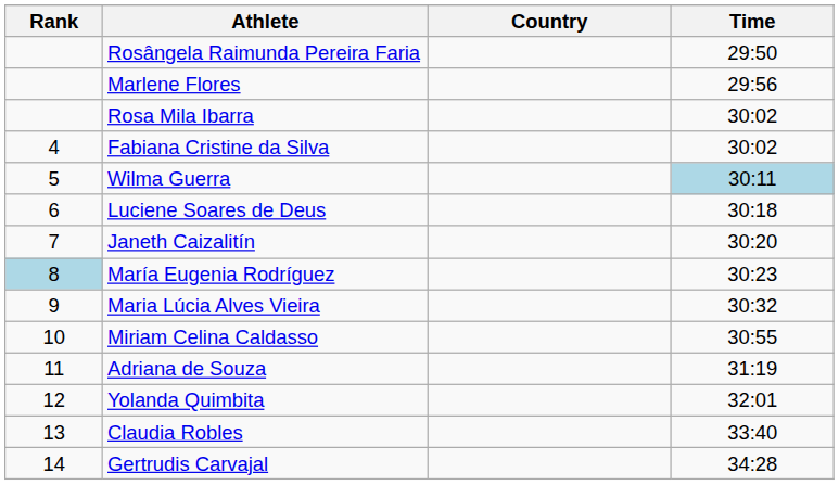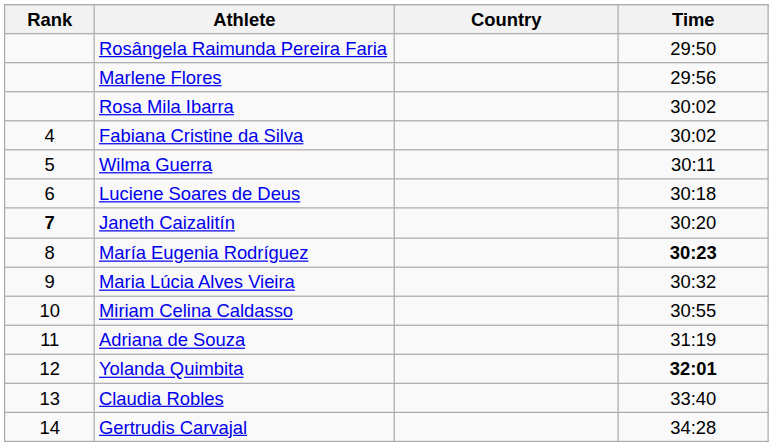 <table class="wikitable sortable" style=" text-align:center; font-size:95%;" width="50%">
 <tr>
 </tr>
 <tr>
 <th width=5%>Rank</th>
 <th width=20%>Athlete</th>
 <th width=15%>Country</th>
 <th width=10%>Time</th>
 </tr>
 <tr>
 <td align=center></td>
 <td align=left><a href='#'>Rosângela Raimunda Pereira Faria</a></td>
 <td align=left></td>
 <td>29:50</td>
 </tr>
 <tr>
 <td align=center></td>
 <td align=left><a href='#'>Marlene Flores</a></td>
 <td align=left></td>
 <td>29:56</td>
 </tr>
 <tr>
 <td align=center></td>
 <td align=left><a href='#'>Rosa Mila Ibarra</a></td>
 <td align=left></td>
 <td>30:02</td>
 </tr>
 <tr>
 <td align=center>4</td>
 <td align=left><a href='#'>Fabiana Cristine da Silva</a></td>
 <td align=left></td>
 <td>30:02</td>
 </tr>
 <tr>
 <td align=center>5</td>
 <td align=left><a href='#'>Wilma Guerra</a></td>
 <td align=left></td>
-<td style="background: lightblue;">30:11</td>
+<td>30:11</td>
 </tr>
 <tr>
 <td align=center>6</td>
 <td align=left><a href='#'>Luciene Soares de Deus</a></td>
 <td align=left></td>
 <td>30:18</td>
 </tr>
 <tr>
-<td align=center>7</td>
+<td align=center><strong>7</strong></td>
 <td align=left><a href='#'>Janeth Caizalitín</a></td>
 <td align=left></td>
 <td>30:20</td>
 </tr>
 <tr>
-<td align=center style="background: lightblue;">8</td>
+<td align=center>8</td>
 <td align=left><a href='#'>María Eugenia Rodríguez</a></td>
 <td align=left></td>
-<td>30:23</td>
+<td><strong>30:23</strong></td>
 </tr>
 <tr>
 <td align=center>9</td>
 <td align=left><a href='#'>Maria Lúcia Alves Vieira</a></td>
 <td align=left></td>
 <td>30:32</td>
 </tr>
 <tr>
 <td align=center>10</td>
 <td align=left><a href='#'>Miriam Celina Caldasso</a></td>
 <td align=left></td>
 <td>30:55</td>
 </tr>
 <tr>
 <td align=center>11</td>
 <td align=left><a href='#'>Adriana de Souza</a></td>
 <td align=left></td>
 <td>31:19</td>
 </tr>
 <tr>
 <td align=center>12</td>
 <td align=left><a href='#'>Yolanda Quimbita</a></td>
 <td align=left></td>
-<td>32:01</td>
+<td><strong>32:01</strong></td>
 </tr>
 <tr>
 <td align=center>13</td>
 <td align=left><a href='#'>Claudia Robles</a></td>
 <td align=left></td>
 <td>33:40</td>
 </tr>
 <tr>
 <td align=center>14</td>
 <td align=left><a href='#'>Gertrudis Carvajal</a></td>
 <td align=left></td>
 <td>34:28</td>
 </tr>
 </table>
